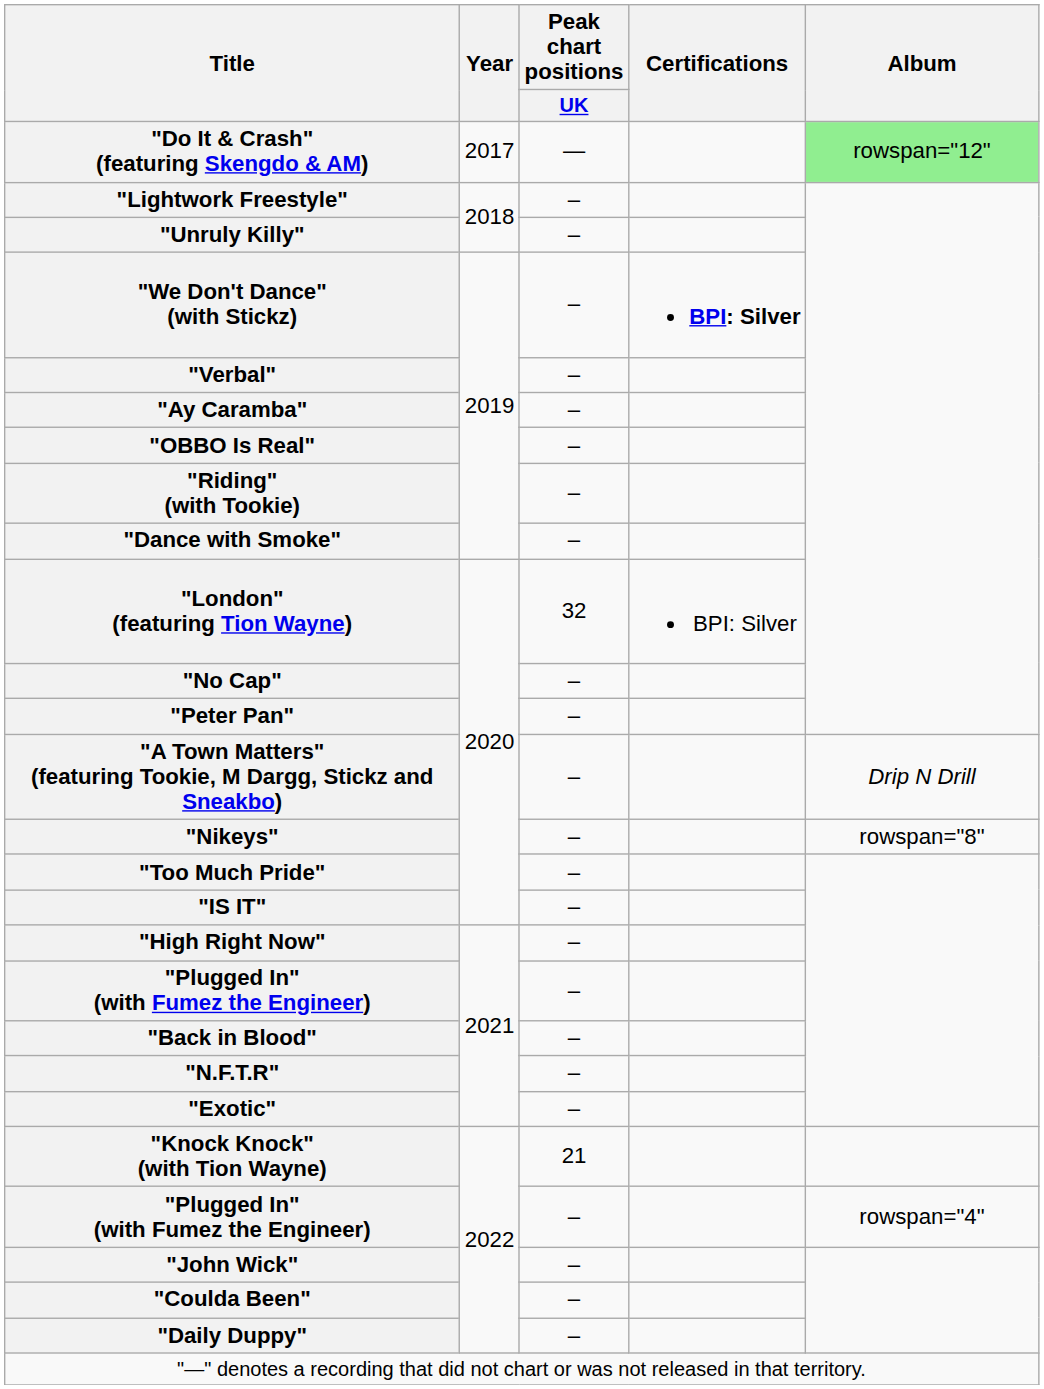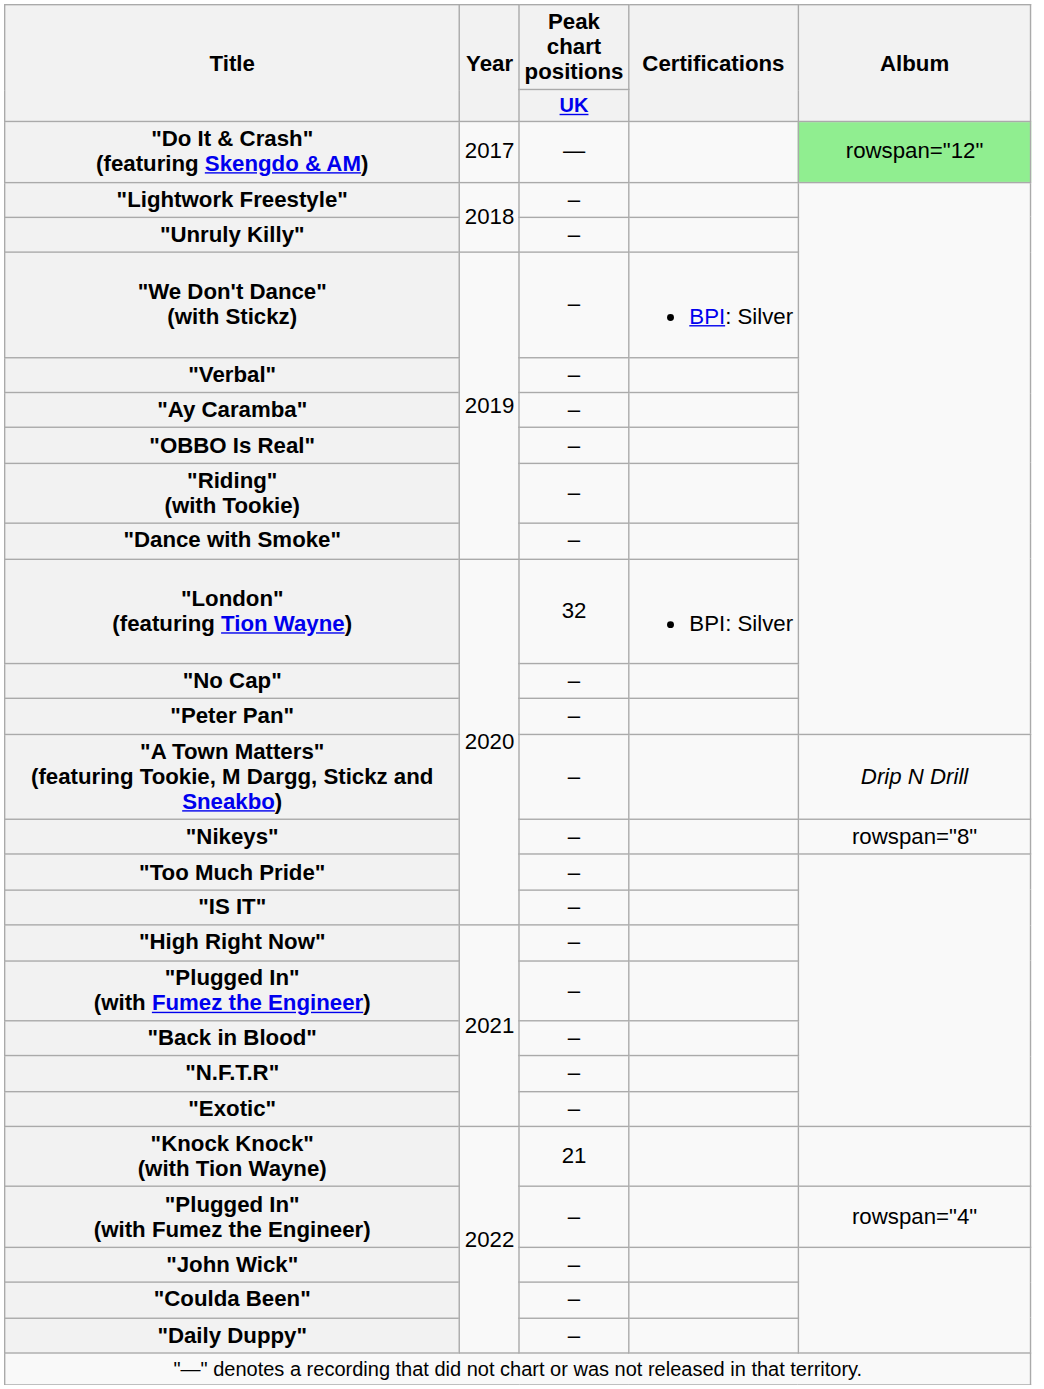 <table class="wikitable plainrowheaders" style="text-align:center;">
 <tr>
 <th rowspan="2" scope="col" style="width:20em;">Title</th>
 <th rowspan="2" scope="col" style="width:1em;">Year</th>
 <th colspan="1" scope="col">Peak chart positions</th>
 <th rowspan="2" scope="col">Certifications</th>
 <th rowspan="2" scope="col" style="width:10em;">Album</th>
 </tr>
 <tr>
 <th scope="col" style="width:3em;font-size:90%;"><a href='#'>UK</a><br></th>
 </tr>
 <tr>
 <th scope="row">"Do It & Crash"<br><span>(featuring <a href='#'>Skengdo & AM</a>)</span></th>
 <td>2017</td>
 <td>—</td>
 <td></td>
 <td style="background: lightgreen;">rowspan="12" </td>
 </tr>
 <tr>
 <th scope="Row">"Lightwork Freestyle"</th>
 <td rowspan="2">2018</td>
 <td>–</td>
 <td></td>
 </tr>
 <tr>
 <th scope="row">"Unruly Killy"</th>
 <td>–</td>
 <td></td>
 </tr>
 <tr>
 <th scope="row">"We Don't Dance"<br><span>(with Stickz)</span></th>
 <td rowspan="6">2019</td>
 <td>–</td>
-<td><strong><br><ul><li><a href='#'>BPI</a>: Silver</li></ul></strong></td>
+<td><br><ul><li><a href='#'>BPI</a>: Silver</li></ul></td>
 </tr>
 <tr>
 <th scope="row">"Verbal"</th>
 <td>–</td>
 <td></td>
 </tr>
 <tr>
 <th scope="row">"Ay Caramba"</th>
 <td>–</td>
 <td></td>
 </tr>
 <tr>
 <th scope="row">"OBBO Is Real"</th>
 <td>–</td>
 <td></td>
 </tr>
 <tr>
 <th scope="row">"Riding"<br><span>(with Tookie)</span></th>
 <td>–</td>
 <td></td>
 </tr>
 <tr>
 <th scope="row">"Dance with Smoke"</th>
 <td>–</td>
 <td></td>
 </tr>
 <tr>
 <th scope="row">"London"<br><span>(featuring <a href='#'>Tion Wayne</a>)</span></th>
 <td rowspan="7">2020</td>
 <td>32</td>
 <td><br><ul><li>BPI: Silver</li></ul></td>
 </tr>
 <tr>
 <th scope="row">"No Cap"</th>
 <td>–</td>
 <td></td>
 </tr>
 <tr>
 <th scope="row">"Peter Pan"</th>
 <td>–</td>
 <td></td>
 </tr>
 <tr>
 <th scope="row">"A Town Matters"<br><span>(featuring Tookie, M Dargg, Stickz and <a href='#'>Sneakbo</a>)</span></th>
 <td>–</td>
 <td></td>
 <td><em>Drip N Drill</em></td>
 </tr>
 <tr>
 <th scope="row">"Nikeys"</th>
 <td>–</td>
 <td></td>
 <td>rowspan="8" </td>
 </tr>
 <tr>
 <th scope="row">"Too Much Pride"</th>
 <td>–</td>
 <td></td>
 </tr>
 <tr>
 <th scope="Row">"IS IT"</th>
 <td>–</td>
 <td></td>
 </tr>
 <tr>
 <th scope="row">"High Right Now"</th>
 <td rowspan="5">2021</td>
 <td>–</td>
 <td></td>
 </tr>
 <tr>
 <th scope="row">"Plugged In"<br><span>(with <a href='#'>Fumez the Engineer</a>)</span></th>
 <td>–</td>
 <td></td>
 </tr>
 <tr>
 <th scope="row">"Back in Blood"</th>
 <td>–</td>
 <td></td>
 </tr>
 <tr>
 <th scope="row">"N.F.T.R"</th>
 <td>–</td>
 <td></td>
 </tr>
 <tr>
 <th scope="row">"Exotic"</th>
 <td>–</td>
 <td></td>
 </tr>
 <tr>
 <th scope="row">"Knock Knock"<br><span>(with Tion Wayne)</span></th>
 <td rowspan="5">2022</td>
 <td>21</td>
 <td></td>
 <td></td>
 </tr>
 <tr>
 <th scope="row">"Plugged In"<br><span>(with Fumez the Engineer)</span></th>
 <td>–</td>
 <td></td>
 <td>rowspan="4" </td>
 </tr>
 <tr>
 <th scope="row">"John Wick"</th>
 <td>–</td>
 <td></td>
 </tr>
 <tr>
 <th scope="row">"Coulda Been"</th>
 <td>–</td>
 <td></td>
 </tr>
 <tr>
 <th scope="row">"Daily Duppy"</th>
 <td>–</td>
 <td></td>
 </tr>
 <tr>
 <td colspan="8" style="font-size:90%">"—" denotes a recording that did not chart or was not released in that territory.</td>
 </tr>
 </table>
